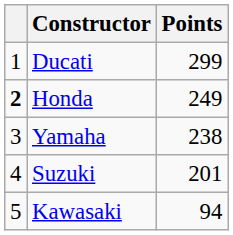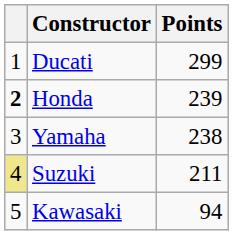 <table class="wikitable" style="font-size: 95%;">
 <tr>
 <th></th>
 <th>Constructor</th>
 <th>Points</th>
 </tr>
 <tr>
 <td align=center>1</td>
 <td> <a href='#'>Ducati</a></td>
 <td align=right>299</td>
 </tr>
 <tr>
 <td align=center><strong>2</strong></td>
 <td> <a href='#'>Honda</a></td>
-<td align=right>249</td>
+<td align=right>239</td>
 </tr>
 <tr>
 <td align=center>3</td>
 <td> <a href='#'>Yamaha</a></td>
 <td align=right>238</td>
 </tr>
 <tr>
-<td align=center>4</td>
+<td align=center style="background: khaki;">4</td>
 <td> <a href='#'>Suzuki</a></td>
-<td align=right>201</td>
+<td align=right>211</td>
 </tr>
 <tr>
 <td align=center>5</td>
 <td> <a href='#'>Kawasaki</a></td>
 <td align=right>94</td>
 </tr>
 </table>
